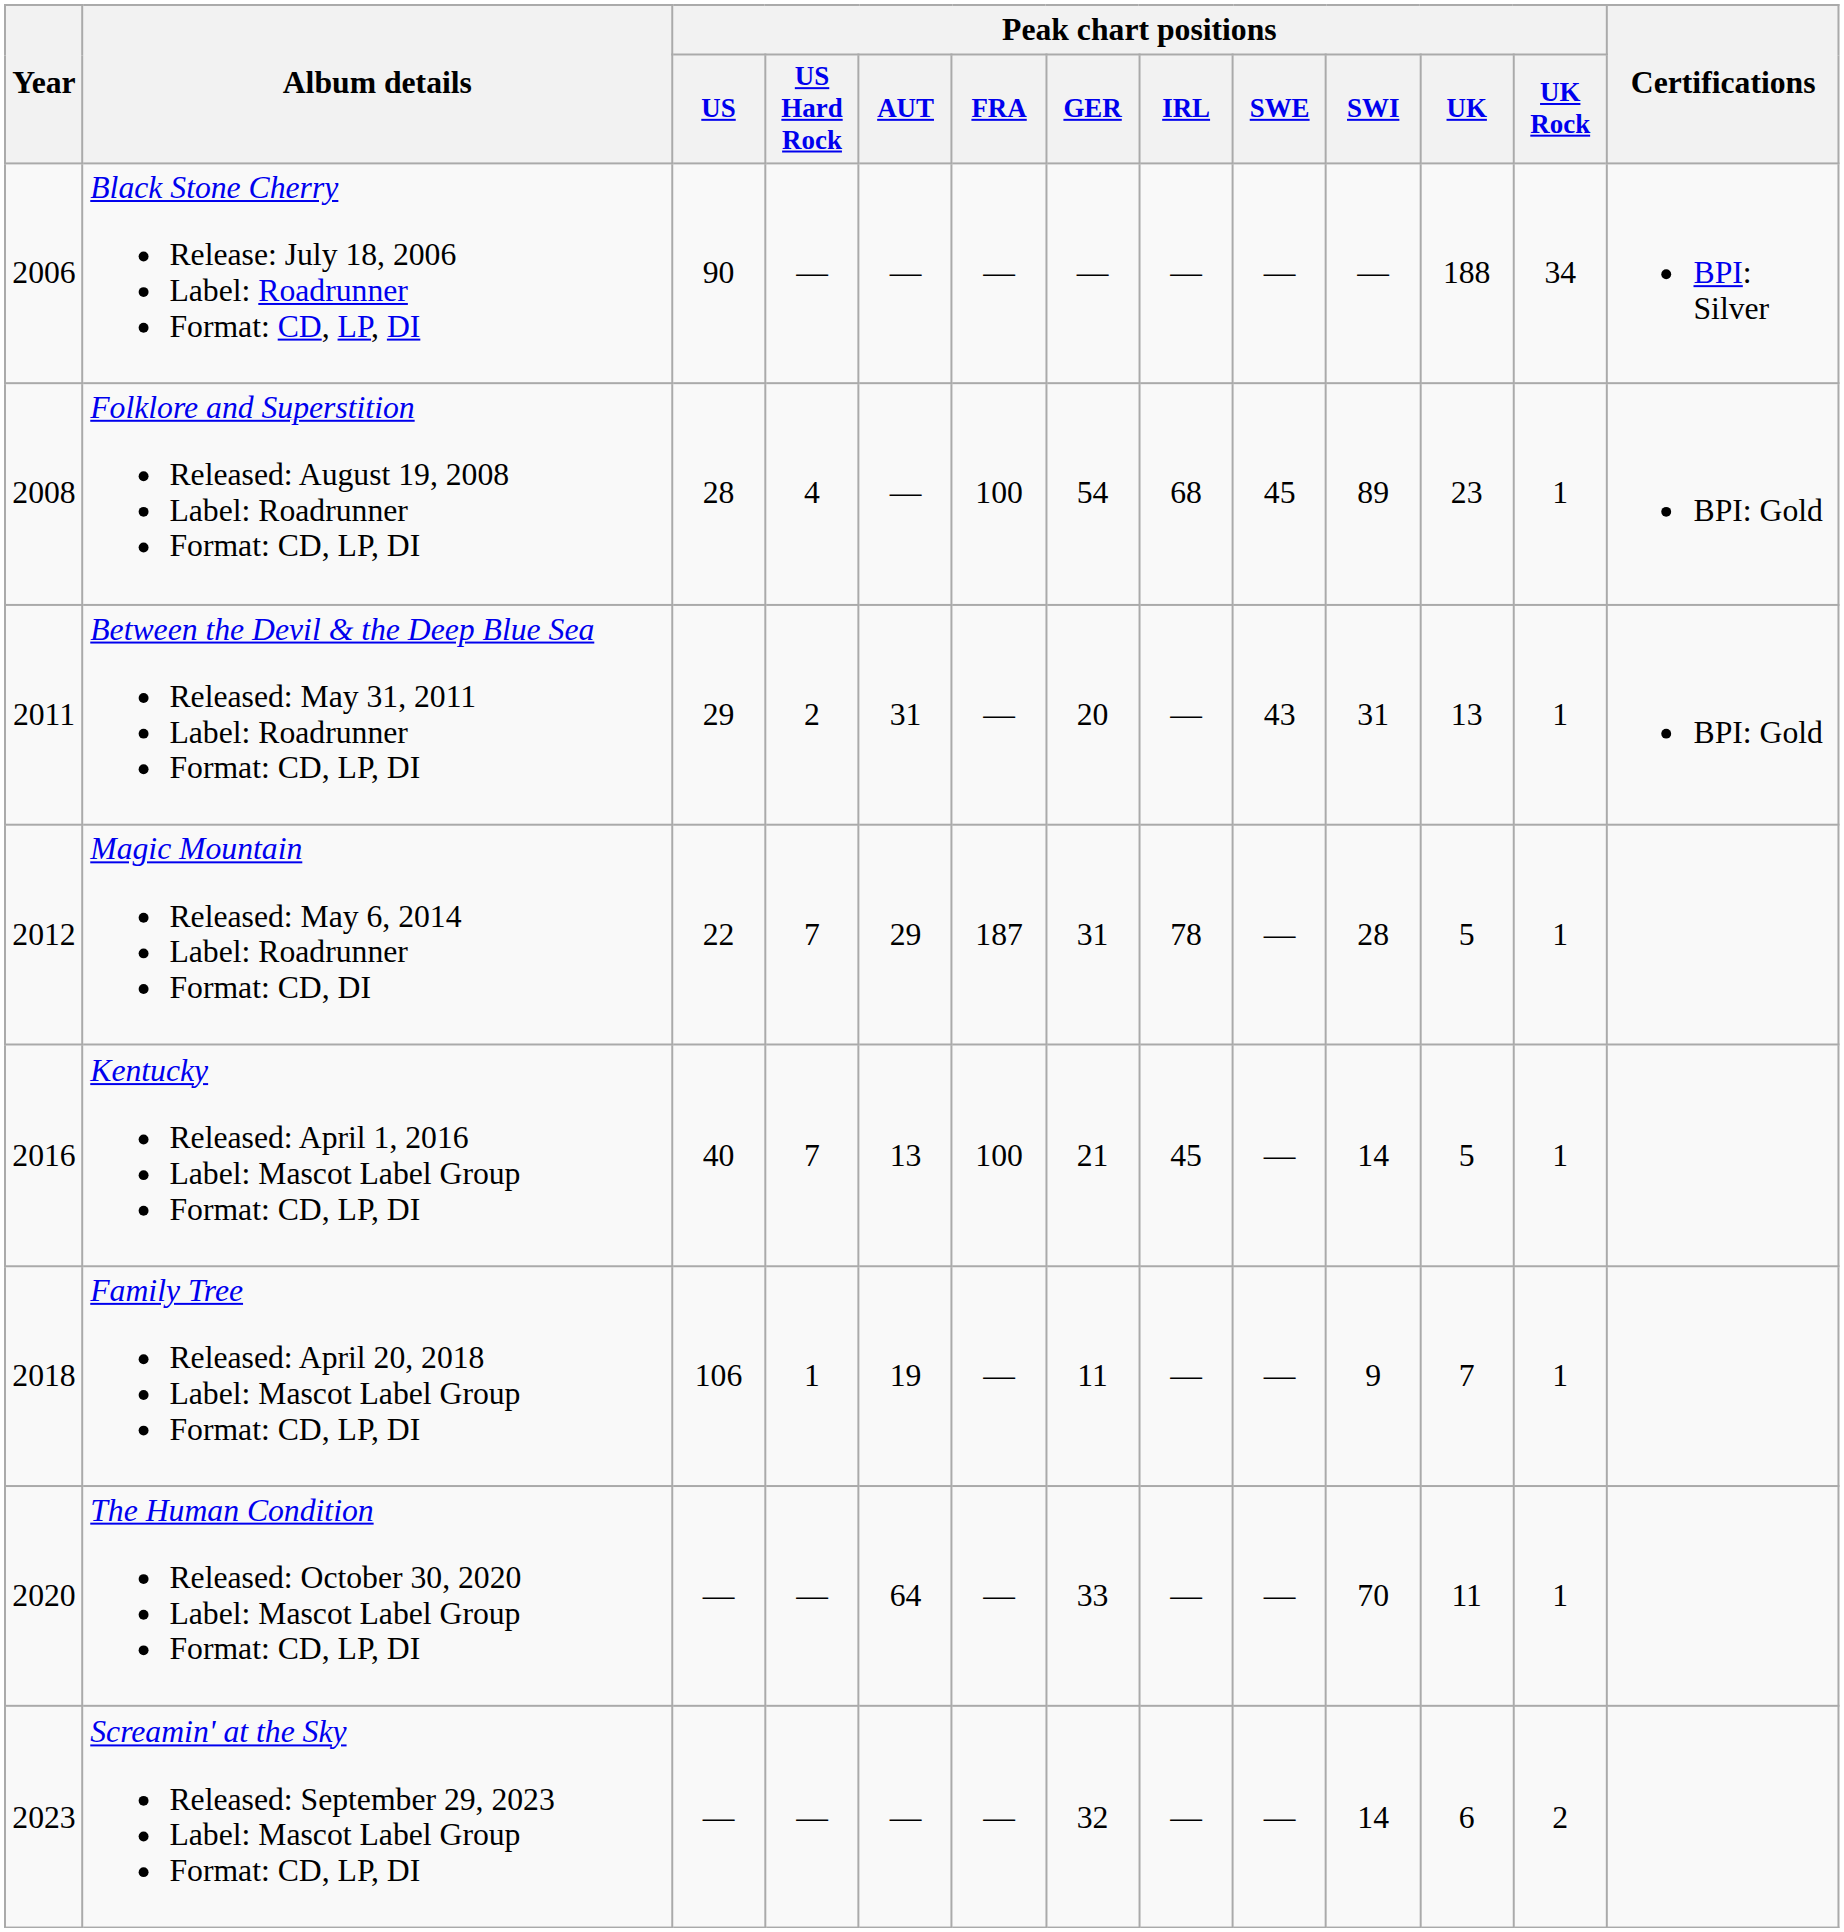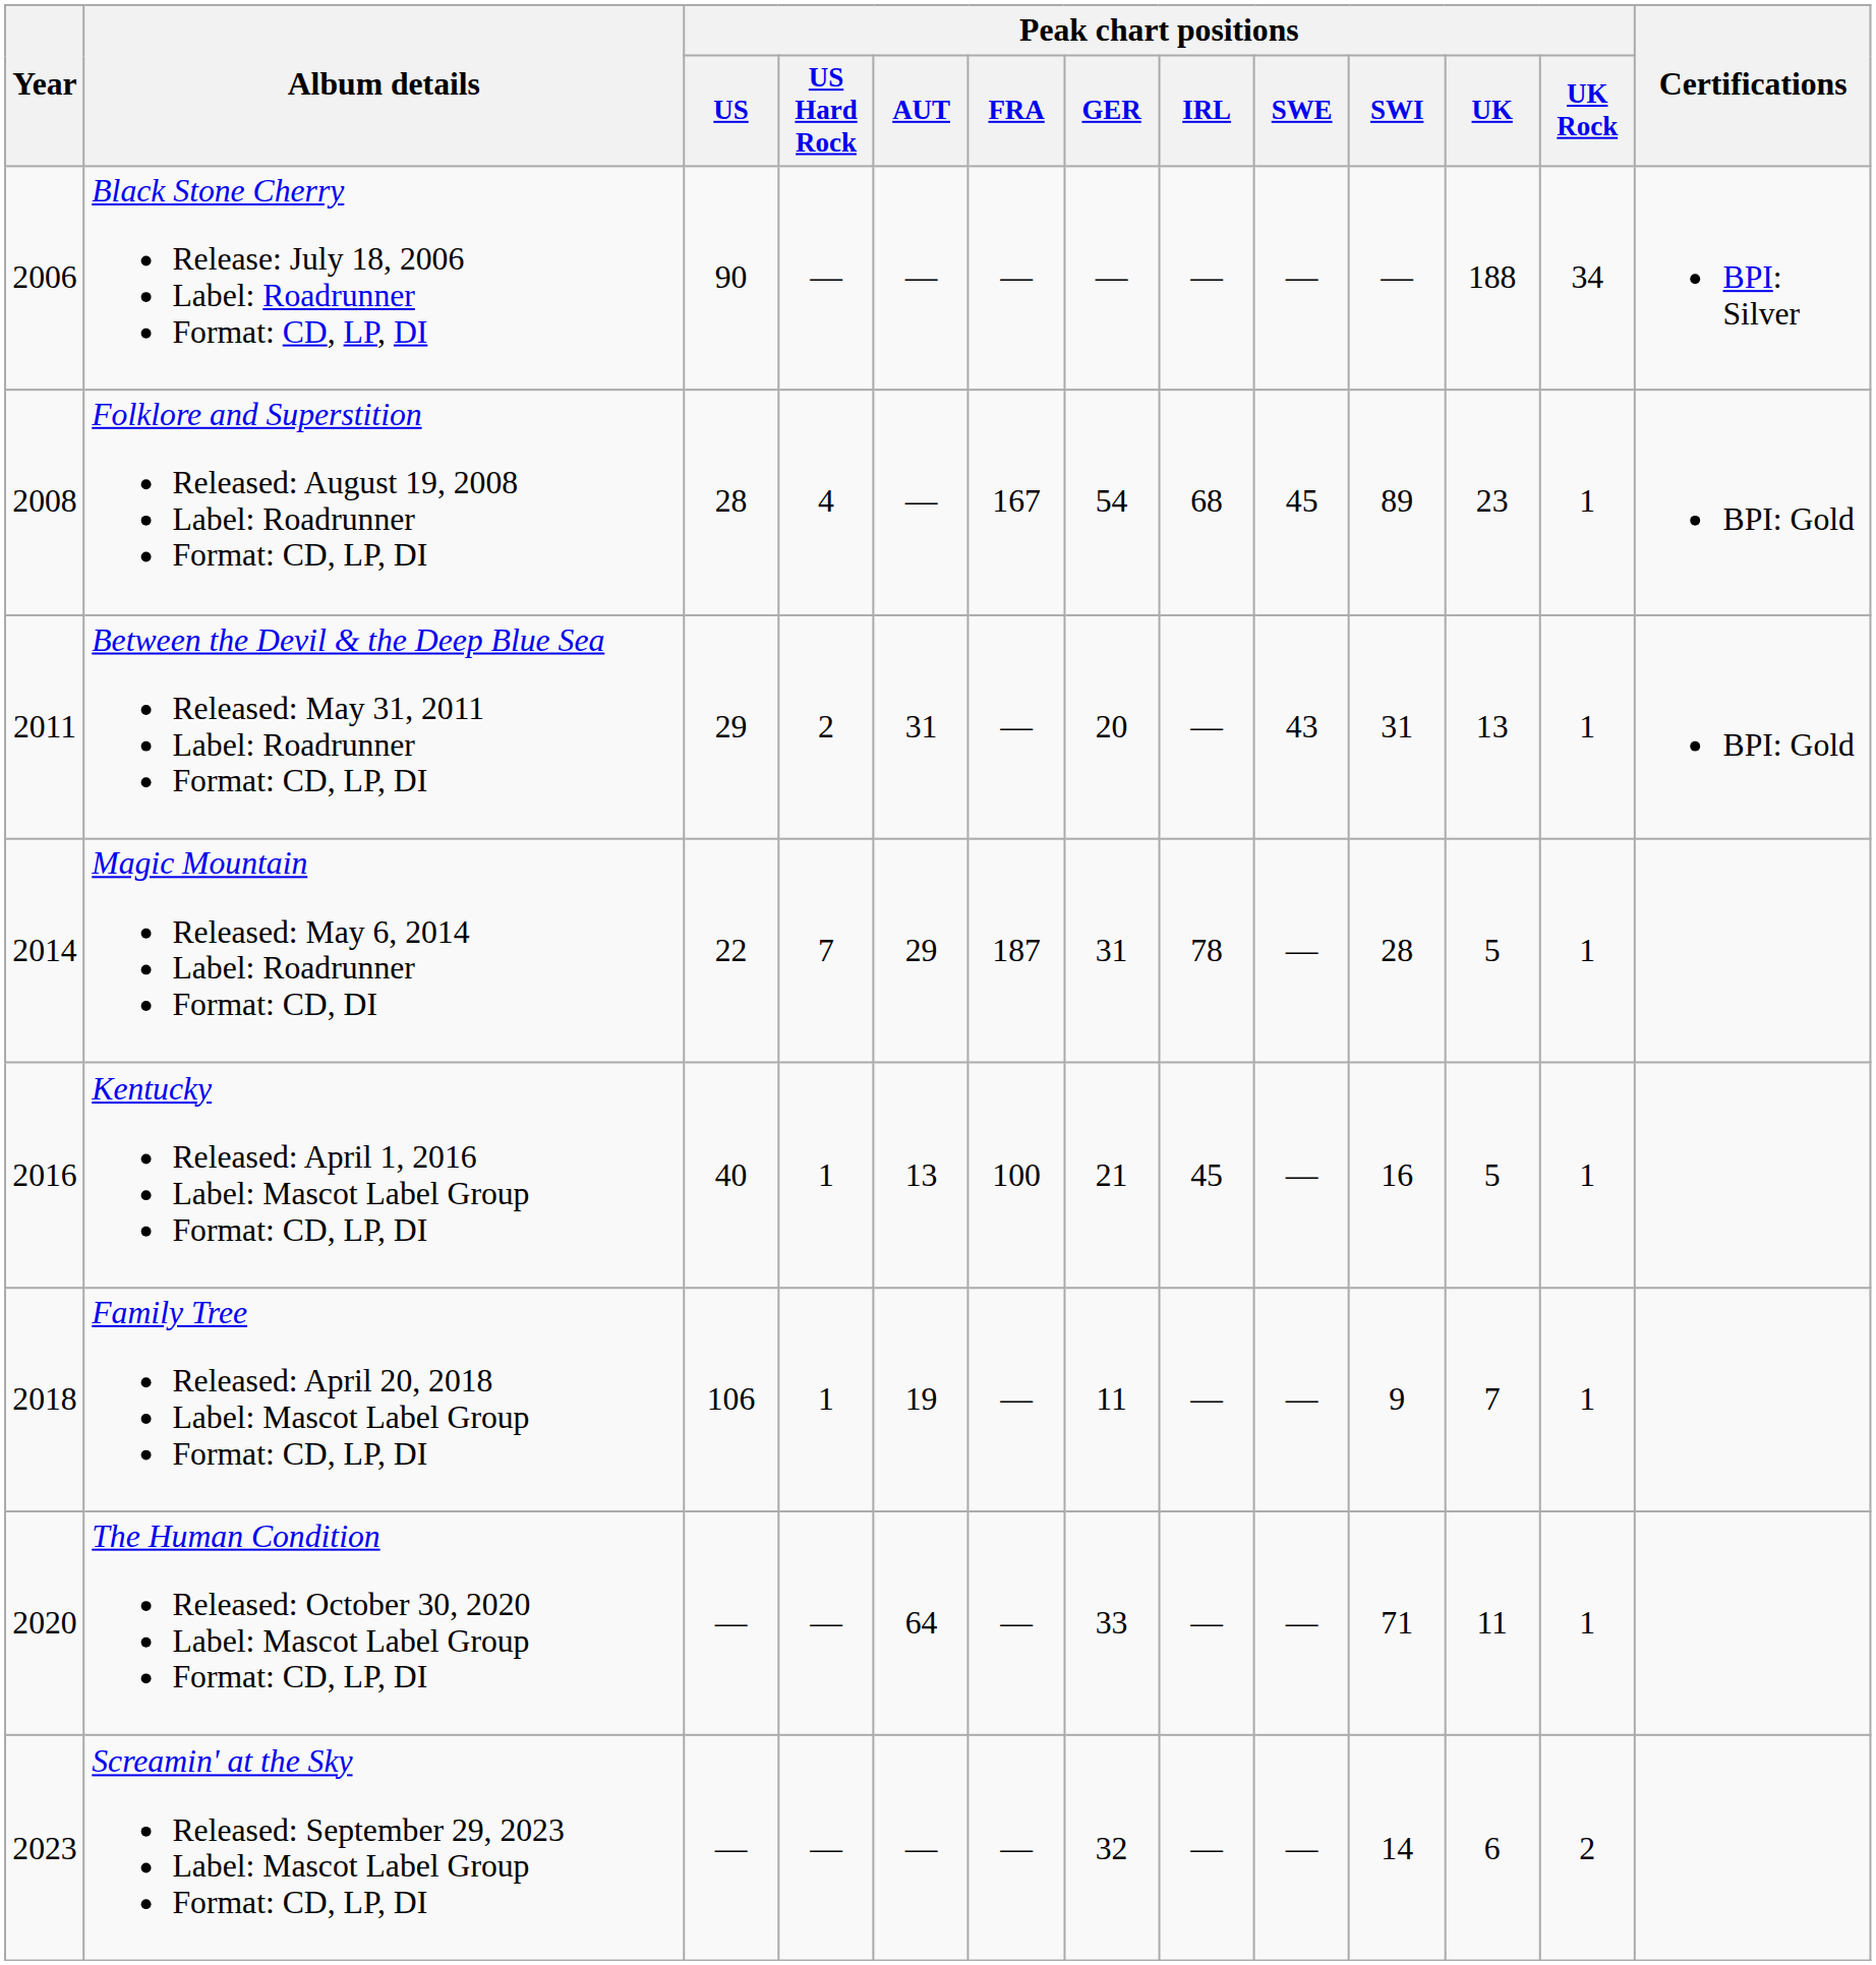 <table class="wikitable">
 <tr>
 <th rowspan="2">Year</th>
 <th rowspan="2" style="width:290px;">Album details</th>
 <th colspan="10">Peak chart positions</th>
 <th rowspan="2" style="width:110px;">Certifications</th>
 </tr>
 <tr>
 <th style="width:3em;font-size:85%"><a href='#'>US</a><br></th>
 <th style="width:3em;font-size:85%"><a href='#'>US Hard Rock</a><br></th>
 <th style="width:3em;font-size:85%"><a href='#'>AUT</a><br></th>
 <th style="width:3em;font-size:85%"><a href='#'>FRA</a><br></th>
 <th style="width:3em;font-size:85%"><a href='#'>GER</a><br></th>
 <th style="width:3em;font-size:85%"><a href='#'>IRL</a><br></th>
 <th style="width:3em;font-size:85%"><a href='#'>SWE</a><br></th>
 <th style="width:3em;font-size:85%"><a href='#'>SWI</a><br></th>
 <th style="width:3em;font-size:85%"><a href='#'>UK</a><br></th>
 <th style="width:3em;font-size:85%"><a href='#'>UK Rock</a><br></th>
 </tr>
 <tr>
 <td style="text-align:center;">2006</td>
 <td><em><a href='#'>Black Stone Cherry</a></em><br><ul><li>Release: July 18, 2006</li><li>Label: <a href='#'>Roadrunner</a></li><li>Format: <a href='#'>CD</a>, <a href='#'>LP</a>, <a href='#'>DI</a></li></ul></td>
 <td style="text-align:center;">90</td>
 <td style="text-align:center;">—</td>
 <td style="text-align:center;">—</td>
 <td style="text-align:center;">—</td>
 <td style="text-align:center;">—</td>
 <td style="text-align:center;">—</td>
 <td style="text-align:center;">—</td>
 <td style="text-align:center;">—</td>
 <td style="text-align:center;">188</td>
 <td style="text-align:center;">34</td>
 <td><br><ul><li><a href='#'>BPI</a>: Silver</li></ul></td>
 </tr>
 <tr>
 <td style="text-align:center;">2008</td>
 <td><em><a href='#'>Folklore and Superstition</a></em><br><ul><li>Released: August 19, 2008</li><li>Label: Roadrunner</li><li>Format: CD, LP, DI</li></ul></td>
 <td style="text-align:center;">28</td>
 <td style="text-align:center;">4</td>
 <td style="text-align:center;">—</td>
-<td style="text-align:center;">100</td>
+<td style="text-align:center;">167</td>
 <td style="text-align:center;">54</td>
 <td style="text-align:center;">68</td>
 <td style="text-align:center;">45</td>
 <td style="text-align:center;">89</td>
 <td style="text-align:center;">23</td>
 <td style="text-align:center;">1</td>
 <td><br><ul><li>BPI: Gold</li></ul></td>
 </tr>
 <tr>
 <td style="text-align:center;">2011</td>
 <td><em><a href='#'>Between the Devil & the Deep Blue Sea</a></em><br><ul><li>Released: May 31, 2011</li><li>Label: Roadrunner</li><li>Format: CD, LP, DI</li></ul></td>
 <td style="text-align:center;">29</td>
 <td style="text-align:center;">2</td>
 <td style="text-align:center;">31</td>
 <td style="text-align:center;">—</td>
 <td style="text-align:center;">20</td>
 <td style="text-align:center;">—</td>
 <td style="text-align:center;">43</td>
 <td style="text-align:center;">31</td>
 <td style="text-align:center;">13</td>
 <td style="text-align:center;">1</td>
 <td><br><ul><li>BPI: Gold</li></ul></td>
 </tr>
 <tr>
-<td style="text-align:center;">2012</td>
+<td style="text-align:center;">2014</td>
 <td><em><a href='#'>Magic Mountain</a></em><br><ul><li>Released: May 6, 2014</li><li>Label: Roadrunner</li><li>Format: CD, DI</li></ul></td>
 <td style="text-align:center;">22</td>
 <td style="text-align:center;">7</td>
 <td style="text-align:center;">29</td>
 <td style="text-align:center;">187</td>
 <td style="text-align:center;">31</td>
 <td style="text-align:center;">78</td>
 <td style="text-align:center;">—</td>
 <td style="text-align:center;">28</td>
 <td style="text-align:center;">5</td>
 <td style="text-align:center;">1</td>
 <td></td>
 </tr>
 <tr>
 <td style="text-align:center;">2016</td>
 <td><em><a href='#'>Kentucky</a></em><br><ul><li>Released: April 1, 2016</li><li>Label: Mascot Label Group</li><li>Format: CD, LP, DI</li></ul></td>
 <td style="text-align:center;">40</td>
-<td style="text-align:center;">7</td>
+<td style="text-align:center;">1</td>
 <td style="text-align:center;">13</td>
 <td style="text-align:center;">100</td>
 <td style="text-align:center;">21</td>
 <td style="text-align:center;">45</td>
 <td style="text-align:center;">—</td>
-<td style="text-align:center;">14</td>
+<td style="text-align:center;">16</td>
 <td style="text-align:center;">5</td>
 <td style="text-align:center;">1 </td>
 <td></td>
 </tr>
 <tr>
 <td style="text-align:center;">2018</td>
 <td><em><a href='#'>Family Tree</a></em><br><ul><li>Released: April 20, 2018</li><li>Label: Mascot Label Group</li><li>Format: CD, LP, DI</li></ul></td>
 <td style="text-align:center;">106</td>
 <td style="text-align:center;">1</td>
 <td style="text-align:center;">19</td>
 <td style="text-align:center;">—</td>
 <td style="text-align:center;">11</td>
 <td style="text-align:center;">—</td>
 <td style="text-align:center;">—</td>
 <td style="text-align:center;">9</td>
 <td style="text-align:center;">7</td>
 <td style="text-align:center;">1</td>
 <td></td>
 </tr>
 <tr>
 <td style="text-align:center;">2020</td>
 <td><em><a href='#'>The Human Condition</a></em><br><ul><li>Released: October 30, 2020</li><li>Label: Mascot Label Group</li><li>Format: CD, LP, DI</li></ul></td>
 <td style="text-align:center;">—</td>
 <td style="text-align:center;">—</td>
 <td style="text-align:center;">64</td>
 <td style="text-align:center;">—</td>
 <td style="text-align:center;">33</td>
 <td style="text-align:center;">—</td>
 <td style="text-align:center;">—</td>
-<td style="text-align:center;">70</td>
+<td style="text-align:center;">71</td>
 <td style="text-align:center;">11</td>
 <td style="text-align:center;">1</td>
 <td></td>
 </tr>
 <tr>
 <td style="text-align:center;">2023</td>
 <td><em><a href='#'>Screamin' at the Sky</a></em><br><ul><li>Released: September 29, 2023</li><li>Label: Mascot Label Group</li><li>Format: CD, LP, DI</li></ul></td>
 <td style="text-align:center;">—</td>
 <td style="text-align:center;">—</td>
 <td style="text-align:center;">—</td>
 <td style="text-align:center;">—</td>
 <td style="text-align:center;">32</td>
 <td style="text-align:center;">—</td>
 <td style="text-align:center;">—</td>
 <td style="text-align:center;">14</td>
 <td style="text-align:center;">6</td>
 <td style="text-align:center;">2</td>
 <td></td>
 </tr>
 </table>
